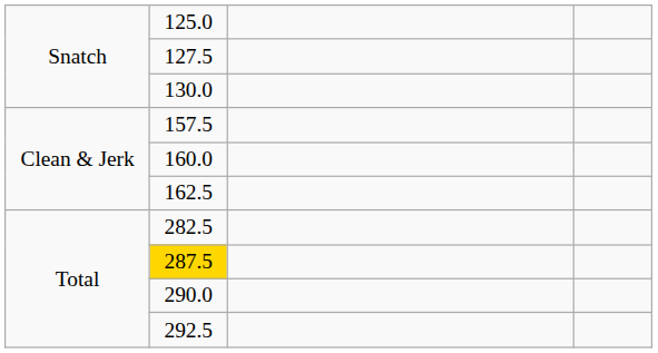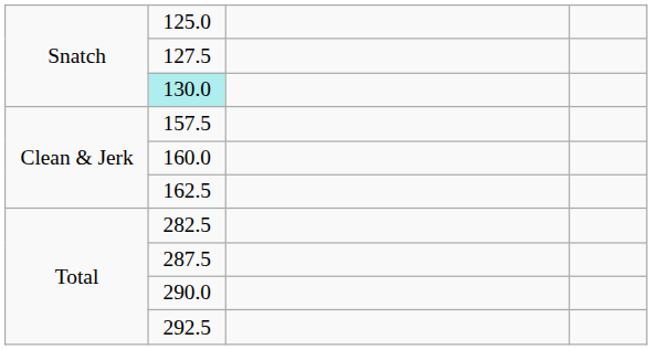 <table class = "wikitable" style="text-align:center;">
 <tr>
 <td rowspan=3 width=100>Snatch</td>
 <td width=50>125.0</td>
 <td width=250 align=left></td>
 <td width=50></td>
 </tr>
 <tr>
 <td>127.5</td>
 <td align=left></td>
 <td></td>
 </tr>
 <tr>
-<td>130.0</td>
+<td style="background: paleturquoise;">130.0</td>
 <td align=left></td>
 <td></td>
 </tr>
 <tr>
 <td rowspan=3>Clean & Jerk</td>
 <td>157.5</td>
 <td align=left></td>
 <td></td>
 </tr>
 <tr>
 <td>160.0</td>
 <td align=left></td>
 <td></td>
 </tr>
 <tr>
 <td>162.5</td>
 <td align=left></td>
 <td></td>
 </tr>
 <tr>
 <td rowspan=4>Total</td>
 <td>282.5</td>
 <td align=left></td>
 <td></td>
 </tr>
 <tr>
-<td style="background: gold;">287.5</td>
+<td>287.5</td>
 <td align=left></td>
 <td></td>
 </tr>
 <tr>
 <td>290.0</td>
 <td align=left></td>
 <td></td>
 </tr>
 <tr>
 <td>292.5</td>
 <td align=left></td>
 <td></td>
 </tr>
 </table>
